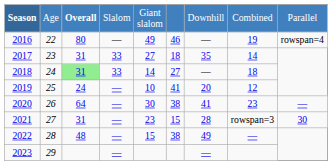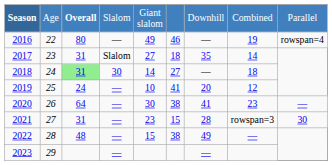 <table class="wikitable"  style="font-size:95%; text-align:center; border:gray solid 1px; width:40%;">
 <tr style="background:#369; color:white;">
 <td rowspan="2" style="width:6%;"><strong>Season</strong></td>
 </tr>
 <tr style="background:#4180be; color:white;">
 <td style="width:3%;">Age</td>
 <td style="width:5%;"><strong>Overall</strong></td>
 <td style="width:5%;">Slalom</td>
 <td style="width:5%;">Giant<br>slalom</td>
 <td style="width:5%;"></td>
 <td style="width:5%;">Downhill</td>
 <td style="width:5%;">Combined</td>
 <td style="width:5%;">Parallel</td>
 </tr>
 <tr>
 <td><a href='#'>2016</a></td>
 <td><em>22</em></td>
 <td><a href='#'>80</a></td>
 <td>—</td>
 <td><a href='#'>49</a></td>
 <td><a href='#'>46</a></td>
 <td>—</td>
 <td><a href='#'>19</a></td>
 <td>rowspan=4 </td>
 </tr>
 <tr>
 <td><a href='#'>2017</a></td>
 <td><em>23</em></td>
 <td><a href='#'>31</a></td>
-<td><a href='#'>33</a></td>
+<td style="width:5%;">Slalom</td>
 <td><a href='#'>27</a></td>
 <td><a href='#'>18</a></td>
 <td><a href='#'>35</a></td>
 <td><a href='#'>14</a></td>
 </tr>
 <tr>
 <td><a href='#'>2018</a></td>
 <td><em>24</em></td>
 <td style="background: lightgreen;"><a href='#'>31</a></td>
-<td><a href='#'>33</a></td>
+<td><a href='#'>30</a></td>
 <td><a href='#'>14</a></td>
 <td><a href='#'>27</a></td>
 <td>—</td>
 <td><a href='#'>18</a></td>
 </tr>
 <tr>
 <td><a href='#'>2019</a></td>
 <td><em>25</em></td>
 <td><a href='#'>24</a></td>
 <td><a href='#'>—</a></td>
 <td><a href='#'>10</a></td>
 <td><a href='#'>41</a></td>
 <td><a href='#'>20</a></td>
 <td><a href='#'>12</a></td>
 </tr>
 <tr>
 <td><a href='#'>2020</a></td>
 <td><em>26</em></td>
 <td><a href='#'>64</a></td>
 <td><a href='#'>—</a></td>
 <td><a href='#'>30</a></td>
 <td><a href='#'>38</a></td>
 <td><a href='#'>41</a></td>
 <td><a href='#'>23</a></td>
 <td><a href='#'>—</a></td>
 </tr>
 <tr>
 <td><a href='#'>2021</a></td>
 <td><em>27</em></td>
 <td><a href='#'>31</a></td>
 <td><a href='#'>—</a></td>
 <td><a href='#'>23</a></td>
 <td><a href='#'>15</a></td>
 <td><a href='#'>28</a></td>
 <td>rowspan=3 </td>
 <td><a href='#'>30</a></td>
 </tr>
 <tr>
 <td><a href='#'>2022</a></td>
 <td><em>28</em></td>
 <td><a href='#'>48</a></td>
 <td><a href='#'>—</a></td>
 <td><a href='#'>15</a></td>
 <td><a href='#'>38</a></td>
 <td><a href='#'>49</a></td>
 <td><a href='#'>—</a></td>
 </tr>
 <tr>
 <td><a href='#'>2023</a></td>
 <td><em>29</em></td>
 <td></td>
 <td><a href='#'>—</a></td>
 <td></td>
 <td></td>
 <td><a href='#'>—</a></td>
 <td></td>
 </tr>
 </table>
